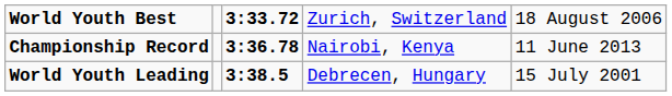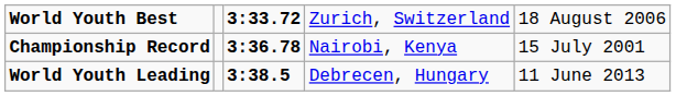 <table class="wikitable">
 <tr>
 <td><strong>World Youth Best</strong></td>
 <td></td>
 <td><strong>3:33.72</strong></td>
 <td><a href='#'>Zurich</a>, <a href='#'>Switzerland</a></td>
 <td>18 August 2006</td>
 </tr>
 <tr>
 <td><strong>Championship Record</strong></td>
 <td></td>
 <td><strong>3:36.78</strong></td>
 <td><a href='#'>Nairobi</a>, <a href='#'>Kenya</a></td>
-<td>11 June 2013</td>
+<td>15 July 2001</td>
 </tr>
 <tr>
 <td><strong>World Youth Leading</strong></td>
 <td></td>
 <td><strong>3:38.5</strong></td>
 <td><a href='#'>Debrecen</a>, <a href='#'>Hungary</a></td>
-<td>15 July 2001</td>
+<td>11 June 2013</td>
 </tr>
 </table>
